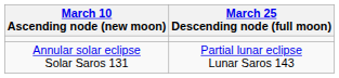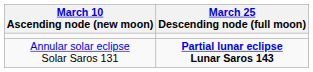 <table class="wikitable">
 <tr>
 <th><a href='#'>March 10</a><br>Ascending node (new moon)<br></th>
 <th><a href='#'>March 25</a><br>Descending node (full moon)<br></th>
 </tr>
 <tr>
 <td></td>
 <td></td>
 </tr>
 <tr align=center>
 <td><a href='#'>Annular solar eclipse</a><br>Solar Saros 131</td>
-<td><a href='#'>Partial lunar eclipse</a><br>Lunar Saros 143</td>
+<td><strong><a href='#'>Partial lunar eclipse</a><br>Lunar Saros 143</strong></td>
 </tr>
 </table>
